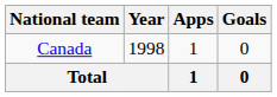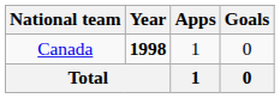 <table class=wikitable style=text-align:center>
 <tr>
 <th>National team</th>
 <th>Year</th>
 <th>Apps</th>
 <th>Goals</th>
 </tr>
 <tr>
 <td rowspan=1><a href='#'>Canada</a></td>
-<td>1998</td>
+<td><strong>1998</strong></td>
 <td>1</td>
 <td>0</td>
 </tr>
 <tr>
 <th colspan=2>Total</th>
 <th>1</th>
 <th>0</th>
 </tr>
 </table>
